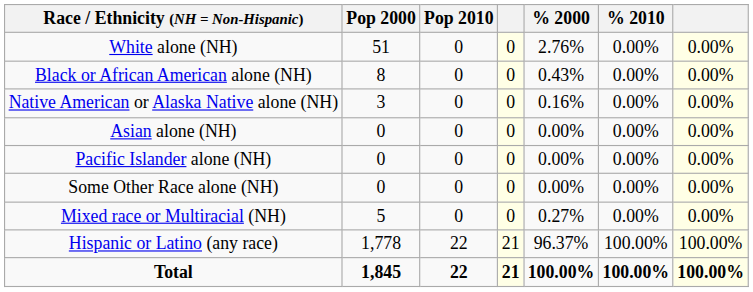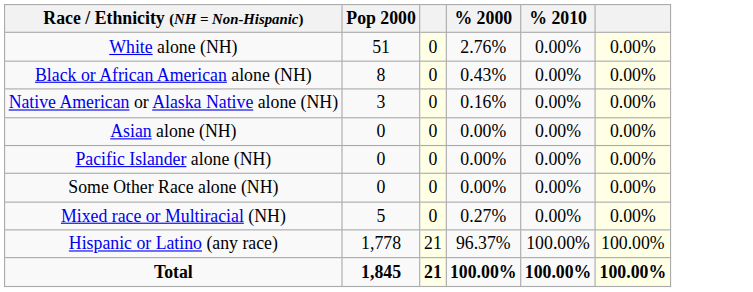 <table class="wikitable" style="text-align:center;">
 <tr>
 <th>Race / Ethnicity <small>(<em>NH = Non-Hispanic</em>)</small></th>
 <th>Pop 2000</th>
-<th>Pop 2010</th>
 <th></th>
 <th>% 2000</th>
 <th>% 2010</th>
 <th></th>
 </tr>
 <tr>
 <td><a href='#'>White</a> alone (NH)</td>
 <td>51</td>
-<td>0</td>
 <td style='background: #ffffe6;'>0</td>
 <td>2.76%</td>
 <td>0.00%</td>
 <td style='background: #ffffe6;'>0.00%</td>
 </tr>
 <tr>
 <td><a href='#'>Black or African American</a> alone (NH)</td>
 <td>8</td>
-<td>0</td>
 <td style='background: #ffffe6;'>0</td>
 <td>0.43%</td>
 <td>0.00%</td>
 <td style='background: #ffffe6;'>0.00%</td>
 </tr>
 <tr>
 <td><a href='#'>Native American</a> or <a href='#'>Alaska Native</a> alone (NH)</td>
 <td>3</td>
-<td>0</td>
 <td style='background: #ffffe6;'>0</td>
 <td>0.16%</td>
 <td>0.00%</td>
 <td style='background: #ffffe6;'>0.00%</td>
 </tr>
 <tr>
 <td><a href='#'>Asian</a> alone (NH)</td>
-<td>0</td>
 <td>0</td>
 <td style='background: #ffffe6;'>0</td>
 <td>0.00%</td>
 <td>0.00%</td>
 <td style='background: #ffffe6;'>0.00%</td>
 </tr>
 <tr>
 <td><a href='#'>Pacific Islander</a> alone (NH)</td>
 <td>0</td>
-<td>0</td>
 <td style='background: #ffffe6;'>0</td>
 <td>0.00%</td>
 <td>0.00%</td>
 <td style='background: #ffffe6;'>0.00%</td>
 </tr>
 <tr>
 <td>Some Other Race alone (NH)</td>
-<td>0</td>
 <td>0</td>
 <td style='background: #ffffe6;'>0</td>
 <td>0.00%</td>
 <td>0.00%</td>
 <td style='background: #ffffe6;'>0.00%</td>
 </tr>
 <tr>
 <td><a href='#'>Mixed race or Multiracial</a> (NH)</td>
 <td>5</td>
-<td>0</td>
 <td style='background: #ffffe6;'>0</td>
 <td>0.27%</td>
 <td>0.00%</td>
 <td style='background: #ffffe6;'>0.00%</td>
 </tr>
 <tr>
 <td><a href='#'>Hispanic or Latino</a> (any race)</td>
 <td>1,778</td>
-<td>22</td>
 <td style='background: #ffffe6;'>21</td>
 <td>96.37%</td>
 <td>100.00%</td>
 <td style='background: #ffffe6;'>100.00%</td>
 </tr>
 <tr>
 <td><strong>Total</strong></td>
 <td><strong>1,845</strong></td>
-<td><strong>22</strong></td>
 <td style='background: #ffffe6;'><strong>21</strong></td>
 <td><strong>100.00%</strong></td>
 <td><strong>100.00%</strong></td>
 <td style='background: #ffffe6;'><strong>100.00%</strong></td>
 </tr>
 </table>
